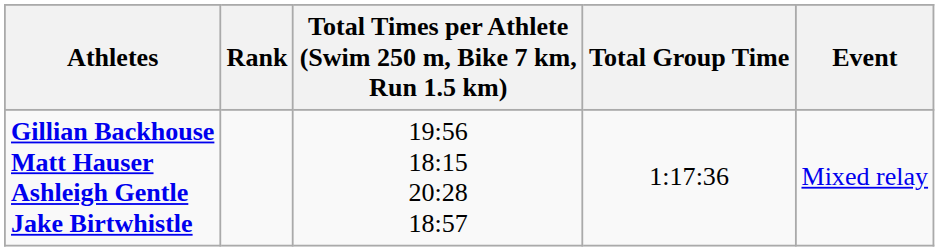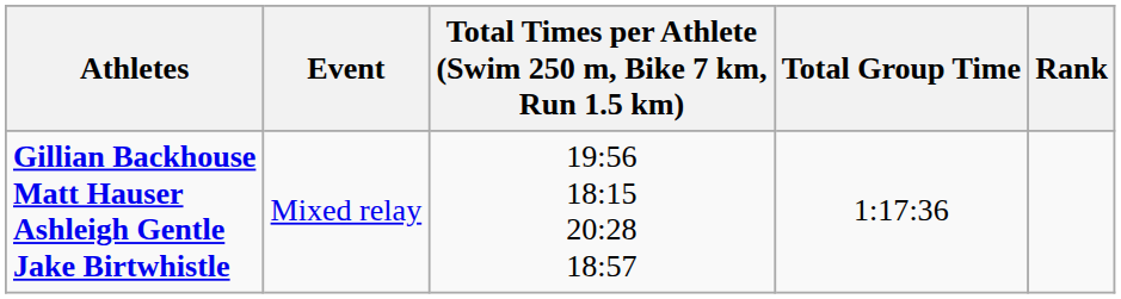 <table class=wikitable style=font-size:90%;text-align:center>
 <tr>
 <th>Athletes</th>
-<th>Rank</th>
+<th>Event</th>
 <th>Total Times per Athlete<br>(Swim 250 m, Bike 7 km, <br> Run 1.5 km)</th>
 <th>Total Group Time</th>
-<th>Event</th>
+<th>Rank</th>
 </tr>
 <tr>
 <td align=left><strong><a href='#'>Gillian Backhouse</a></strong> <br> <strong><a href='#'>Matt Hauser</a></strong> <br> <strong><a href='#'>Ashleigh Gentle</a></strong> <br> <strong><a href='#'>Jake Birtwhistle</a></strong></td>
-<td></td>
+<td align=left><a href='#'>Mixed relay</a></td>
 <td>19:56<br>18:15<br>20:28<br>18:57</td>
 <td>1:17:36</td>
-<td align=left><a href='#'>Mixed relay</a></td>
+<td></td>
 </tr>
 </table>
